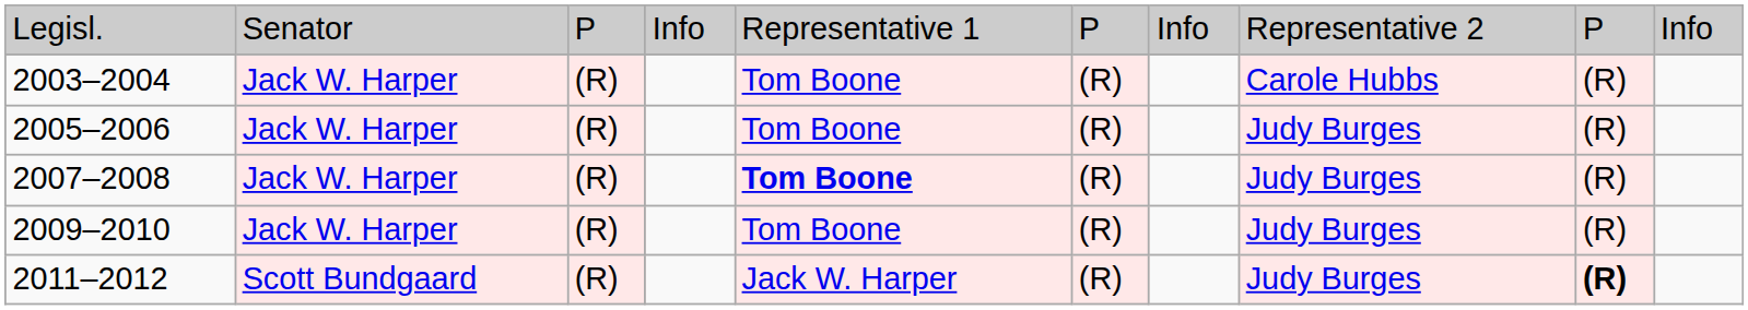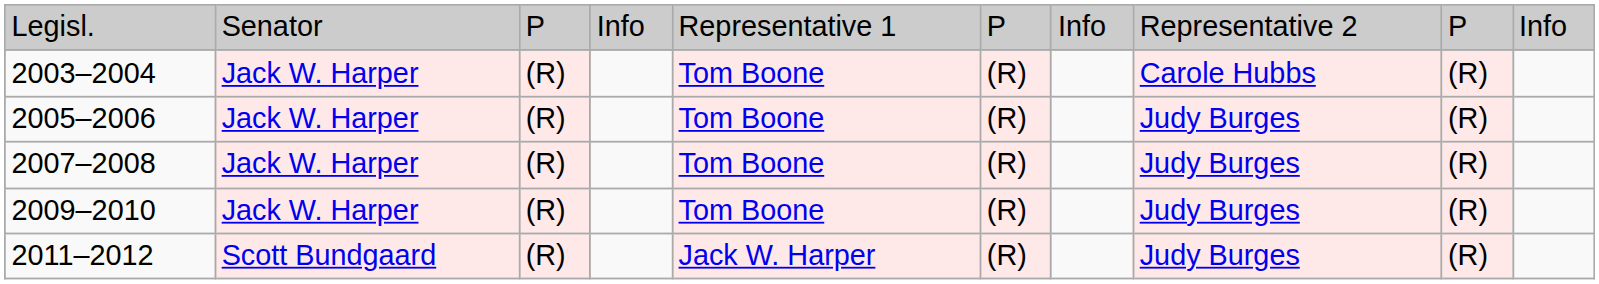 <table class=wikitable width="100%" border="1">
 <tr style="background-color:#cccccc;">
 <td>Legisl.</td>
 <td>Senator</td>
 <td>P</td>
 <td>Info</td>
 <td>Representative 1</td>
 <td>P</td>
 <td>Info</td>
 <td>Representative 2</td>
 <td>P</td>
 <td>Info</td>
 </tr>
 <tr>
 <td>2003–2004</td>
 <td style="background:#FFE8E8"><a href='#'>Jack W. Harper</a></td>
 <td style="background:#FFE8E8">(R)</td>
 <td></td>
 <td style="background:#FFE8E8"><a href='#'>Tom Boone</a></td>
 <td style="background:#FFE8E8">(R)</td>
 <td></td>
 <td style="background:#FFE8E8"><a href='#'>Carole Hubbs</a></td>
 <td style="background:#FFE8E8">(R)</td>
 <td></td>
 </tr>
 <tr>
 <td>2005–2006</td>
 <td style="background:#FFE8E8"><a href='#'>Jack W. Harper</a></td>
 <td style="background:#FFE8E8">(R)</td>
 <td></td>
 <td style="background:#FFE8E8"><a href='#'>Tom Boone</a></td>
 <td style="background:#FFE8E8">(R)</td>
 <td></td>
 <td style="background:#FFE8E8"><a href='#'>Judy Burges</a></td>
 <td style="background:#FFE8E8">(R)</td>
 <td></td>
 </tr>
 <tr>
 <td>2007–2008</td>
 <td style="background:#FFE8E8"><a href='#'>Jack W. Harper</a></td>
 <td style="background:#FFE8E8">(R)</td>
 <td></td>
-<td style="background:#FFE8E8"><strong><a href='#'>Tom Boone</a></strong></td>
+<td style="background:#FFE8E8"><a href='#'>Tom Boone</a></td>
 <td style="background:#FFE8E8">(R)</td>
 <td></td>
 <td style="background:#FFE8E8"><a href='#'>Judy Burges</a></td>
 <td style="background:#FFE8E8">(R)</td>
 <td></td>
 </tr>
 <tr>
 <td>2009–2010</td>
 <td style="background:#FFE8E8"><a href='#'>Jack W. Harper</a></td>
 <td style="background:#FFE8E8">(R)</td>
 <td></td>
 <td style="background:#FFE8E8"><a href='#'>Tom Boone</a></td>
 <td style="background:#FFE8E8">(R)</td>
 <td></td>
 <td style="background:#FFE8E8"><a href='#'>Judy Burges</a></td>
 <td style="background:#FFE8E8">(R)</td>
 <td></td>
 </tr>
 <tr>
 <td>2011–2012</td>
 <td style="background:#FFE8E8"><a href='#'>Scott Bundgaard</a></td>
 <td style="background:#FFE8E8">(R)</td>
 <td></td>
 <td style="background:#FFE8E8"><a href='#'>Jack W. Harper</a></td>
 <td style="background:#FFE8E8">(R)</td>
 <td></td>
 <td style="background:#FFE8E8"><a href='#'>Judy Burges</a></td>
-<td style="background:#FFE8E8"><strong>(R)</strong></td>
+<td style="background:#FFE8E8">(R)</td>
 <td></td>
 </tr>
 </table>
